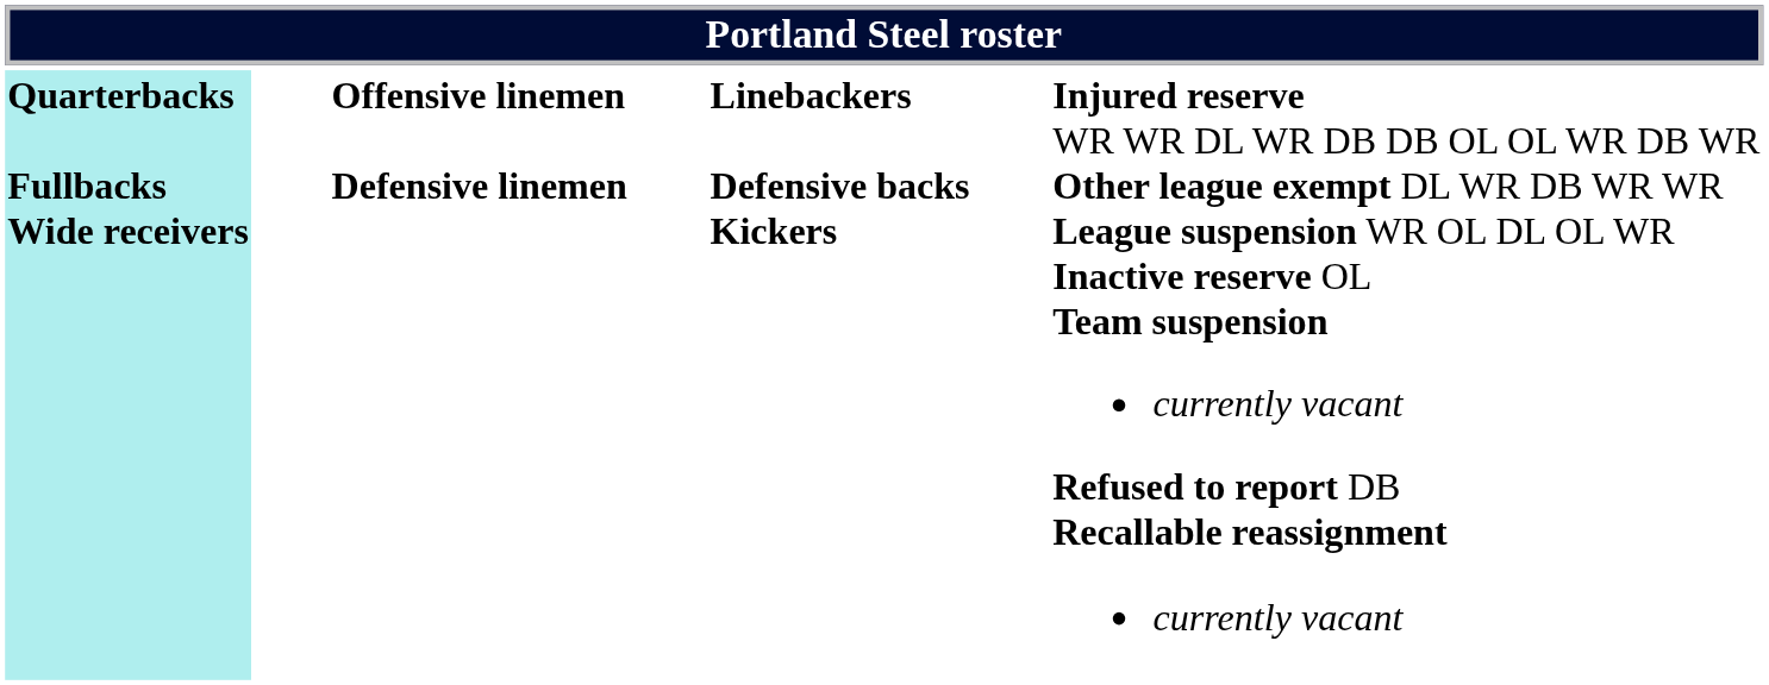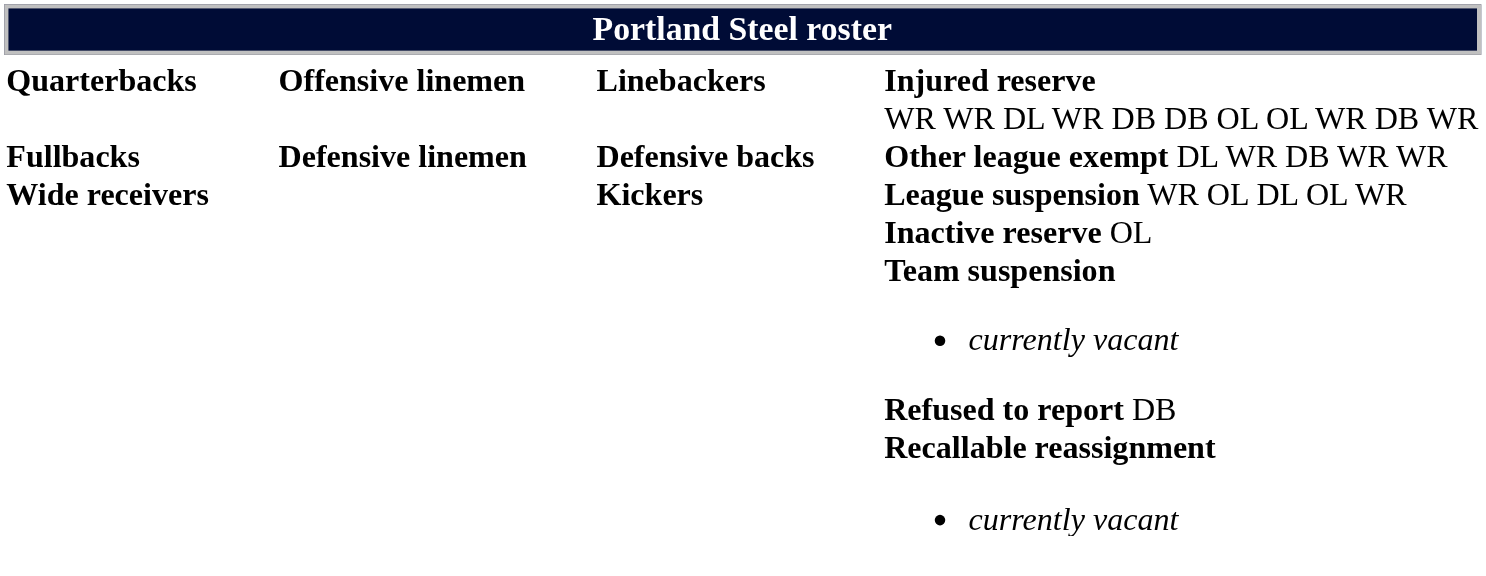 <table class="toccolours" style="text-align: left;">
 <tr>
 <th colspan=7 style="text-align:center; color:#ffffff; background-color:#000C36; border: 2px solid #C0C0C0;">Portland Steel roster</th>
 </tr>
 <tr>
-<td style="background: paleturquoise; font-size: 95%;vertical-align:top;"><strong>Quarterbacks</strong><br> <br><strong>Fullbacks</strong> <br><strong>Wide receivers</strong>     </td>
+<td style="font-size: 95%;vertical-align:top;"><strong>Quarterbacks</strong><br> <br><strong>Fullbacks</strong> <br><strong>Wide receivers</strong>     </td>
 <td style="width: 25px;"></td>
 <td style="font-size: 95%;vertical-align:top;"><strong>Offensive linemen</strong><br>  <br><strong>Defensive linemen</strong>     </td>
 <td style="width: 25px;"></td>
 <td style="font-size: 95%;vertical-align:top;"><strong>Linebackers</strong><br><br><strong>Defensive backs</strong>      <br><strong>Kickers</strong> </td>
 <td style="width: 25px;"></td>
 <td style="font-size: 95%;vertical-align:top;"><strong>Injured reserve</strong><br> WR  WR  DL  WR  DB  DB  OL  OL  WR  DB  WR<br><strong>Other league exempt</strong>  DL  WR  DB  WR  WR<br><strong>League suspension</strong>  WR  OL  DL  OL  WR<br><strong>Inactive reserve</strong>  OL<br><strong>Team suspension</strong><ul><li><em>currently vacant</em></li></ul><strong>Refused to report</strong>  DB<br><strong>Recallable reassignment</strong><ul><li><em>currently vacant</em></li></ul></td>
 </tr>
 <tr>
 </tr>
 </table>
